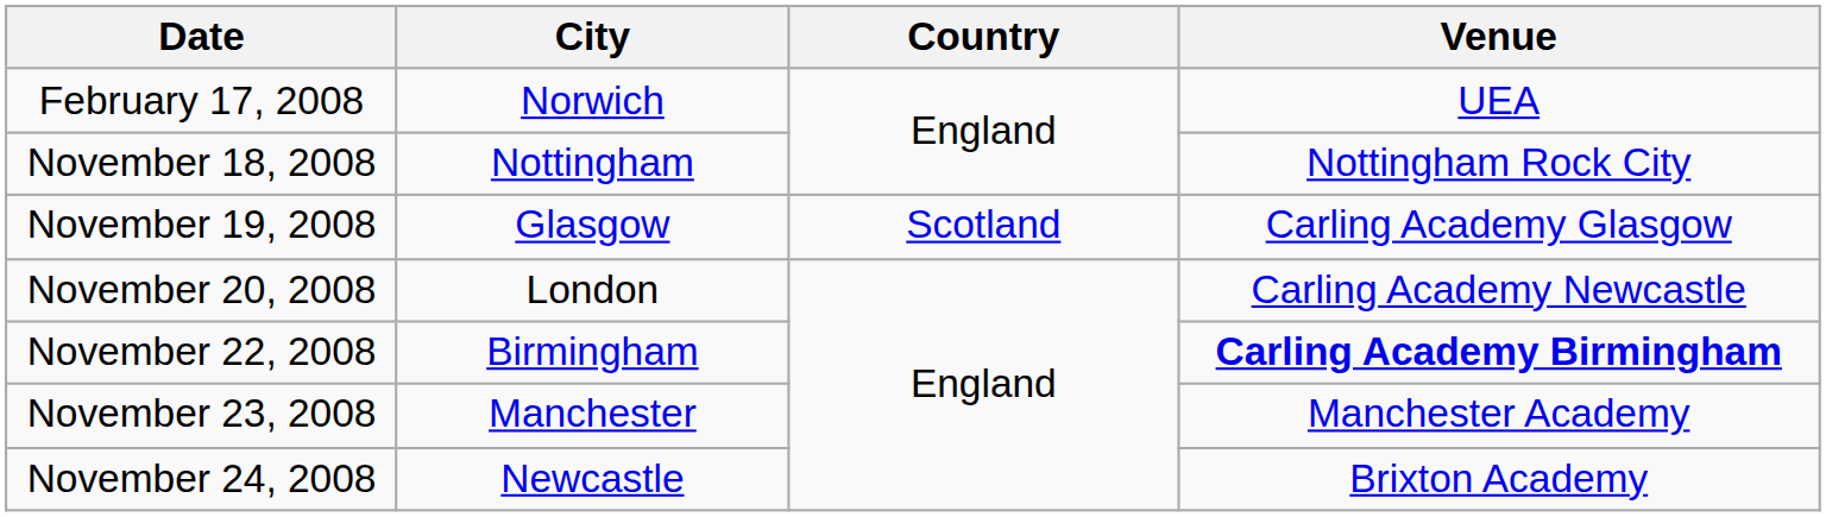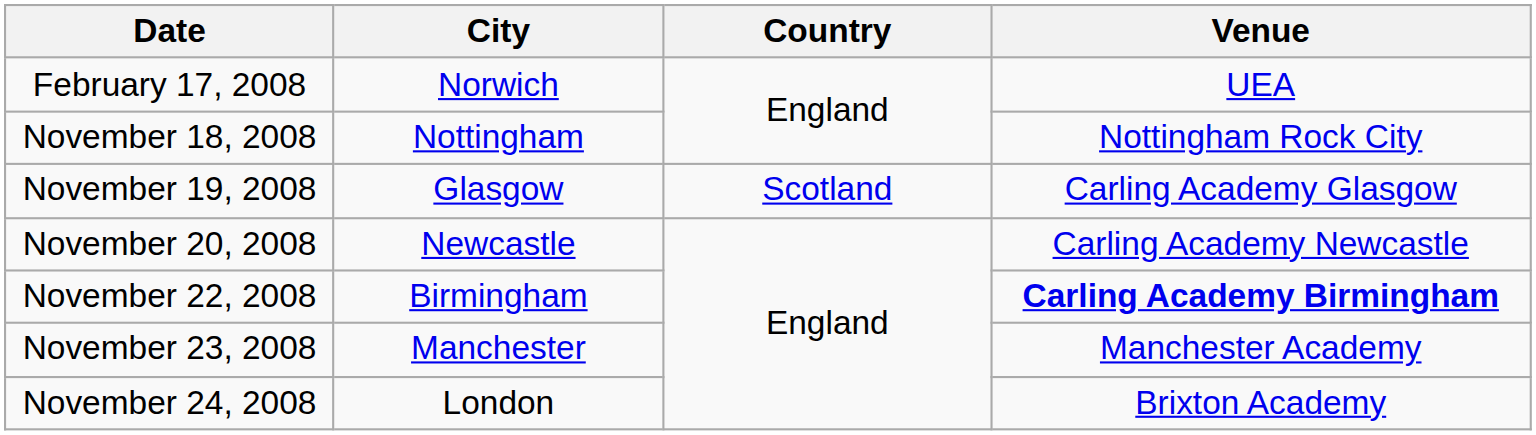 <table class="wikitable" style="text-align:center;">
 <tr>
 <th style="width:150px;">Date</th>
 <th style="width:150px;">City</th>
 <th style="width:150px;">Country</th>
 <th style="width:250px;">Venue</th>
 </tr>
 <tr>
 <td>February 17, 2008</td>
 <td><a href='#'>Norwich</a></td>
 <td rowspan="2">England</td>
 <td><a href='#'>UEA</a></td>
 </tr>
 <tr>
 <td>November 18, 2008</td>
 <td><a href='#'>Nottingham</a></td>
 <td><a href='#'>Nottingham Rock City</a></td>
 </tr>
 <tr>
 <td>November 19, 2008</td>
 <td><a href='#'>Glasgow</a></td>
 <td><a href='#'>Scotland</a></td>
 <td><a href='#'>Carling Academy Glasgow</a></td>
 </tr>
 <tr>
 <td>November 20, 2008</td>
-<td>London</td>
+<td><a href='#'>Newcastle</a></td>
 <td rowspan="4">England</td>
 <td><a href='#'>Carling Academy Newcastle</a></td>
 </tr>
 <tr>
 <td>November 22, 2008</td>
 <td><a href='#'>Birmingham</a></td>
 <td><strong><a href='#'>Carling Academy Birmingham</a></strong></td>
 </tr>
 <tr>
 <td>November 23, 2008</td>
 <td><a href='#'>Manchester</a></td>
 <td><a href='#'>Manchester Academy</a></td>
 </tr>
 <tr>
 <td>November 24, 2008</td>
-<td><a href='#'>Newcastle</a></td>
+<td>London</td>
 <td><a href='#'>Brixton Academy</a></td>
 </tr>
 </table>
